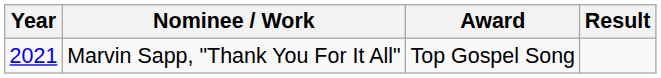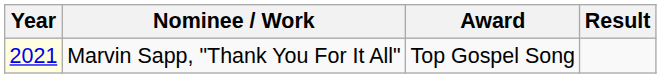 <table class="wikitable">
 <tr>
 <th>Year</th>
 <th>Nominee / Work</th>
 <th>Award</th>
 <th>Result</th>
 </tr>
 <tr>
-<td><a href='#'>2021</a></td>
+<td style="background: lightyellow;"><a href='#'>2021</a></td>
 <td>Marvin Sapp, "Thank You For It All"</td>
 <td>Top Gospel Song</td>
 <td></td>
 </tr>
 </table>
